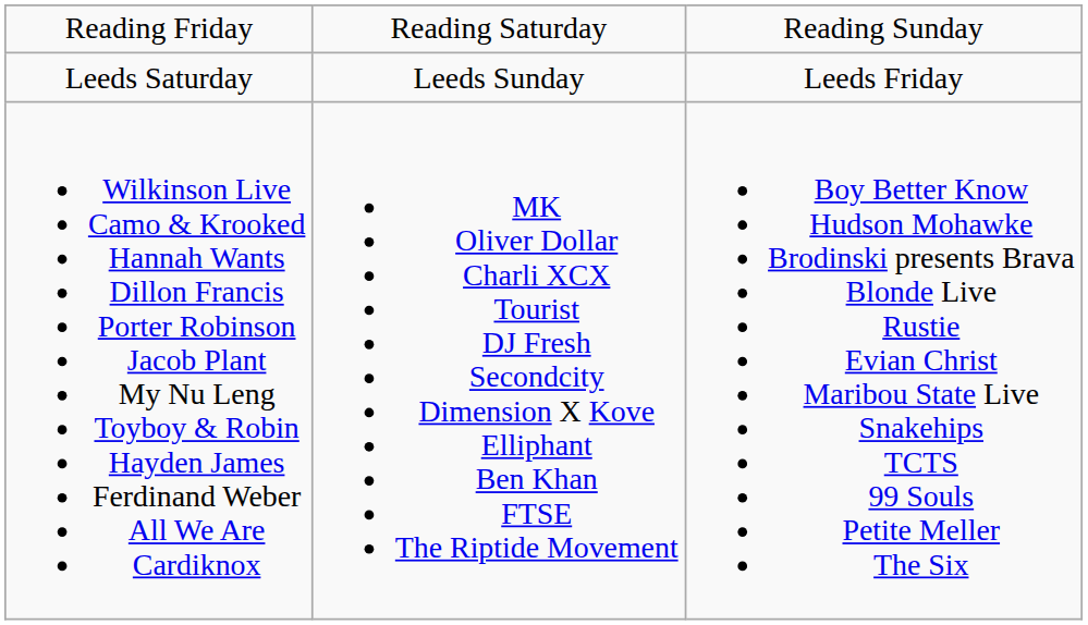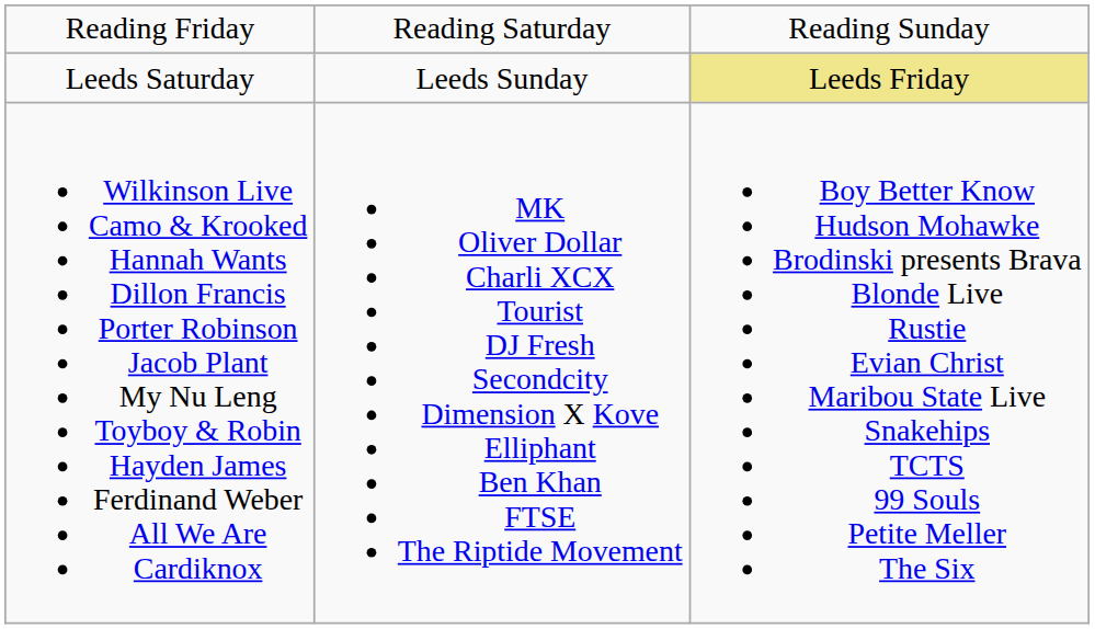 <table class="wikitable" style="text-align:center;">
 <tr>
 <td>Reading Friday</td>
 <td>Reading Saturday</td>
 <td>Reading Sunday</td>
 </tr>
 <tr>
 <td>Leeds Saturday</td>
 <td>Leeds Sunday</td>
-<td>Leeds Friday</td>
+<td style="background: khaki;">Leeds Friday</td>
 </tr>
 <tr>
 <td><br><ul><li><a href='#'>Wilkinson Live</a></li><li><a href='#'>Camo & Krooked</a></li><li><a href='#'>Hannah Wants</a></li><li><a href='#'>Dillon Francis</a></li><li><a href='#'>Porter Robinson</a></li><li><a href='#'>Jacob Plant</a></li><li>My Nu Leng</li><li><a href='#'>Toyboy & Robin</a></li><li><a href='#'>Hayden James</a></li><li>Ferdinand Weber</li><li><a href='#'>All We Are</a></li><li><a href='#'>Cardiknox</a></li></ul></td>
 <td><br><ul><li><a href='#'>MK</a></li><li><a href='#'>Oliver Dollar</a></li><li><a href='#'>Charli XCX</a></li><li><a href='#'>Tourist</a></li><li><a href='#'>DJ Fresh</a></li><li><a href='#'>Secondcity</a></li><li><a href='#'>Dimension</a> X <a href='#'>Kove</a></li><li><a href='#'>Elliphant</a></li><li><a href='#'>Ben Khan</a></li><li><a href='#'>FTSE</a></li><li><a href='#'>The Riptide Movement</a></li></ul></td>
 <td><br><ul><li><a href='#'>Boy Better Know</a></li><li><a href='#'>Hudson Mohawke</a></li><li><a href='#'>Brodinski</a> presents Brava</li><li><a href='#'>Blonde</a> Live</li><li><a href='#'>Rustie</a></li><li><a href='#'>Evian Christ</a></li><li><a href='#'>Maribou State</a> Live</li><li><a href='#'>Snakehips</a></li><li><a href='#'>TCTS</a></li><li><a href='#'>99 Souls</a></li><li><a href='#'>Petite Meller</a></li><li><a href='#'>The Six</a></li></ul></td>
 </tr>
 </table>
